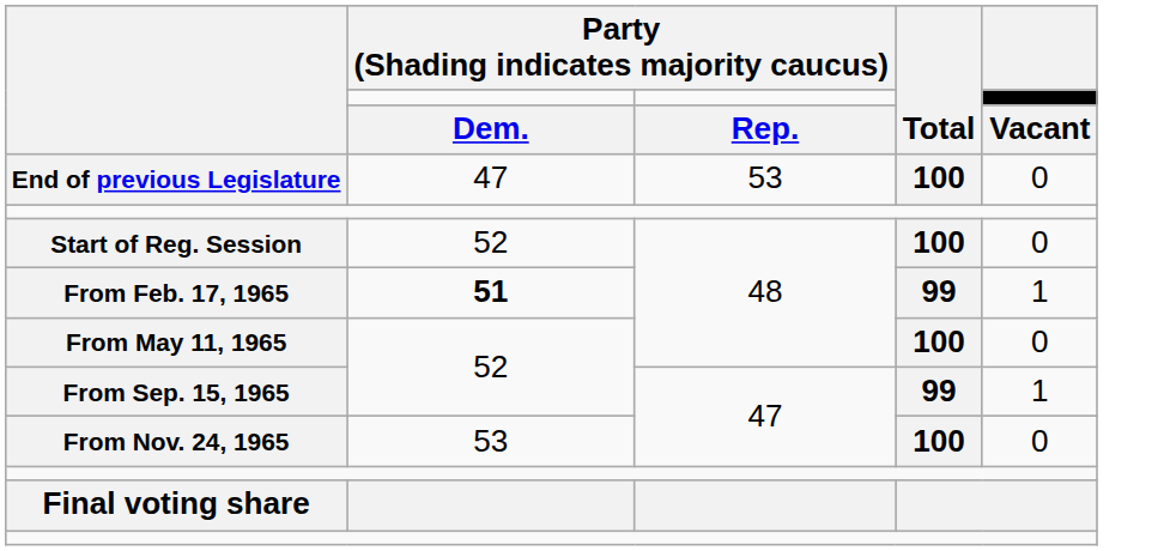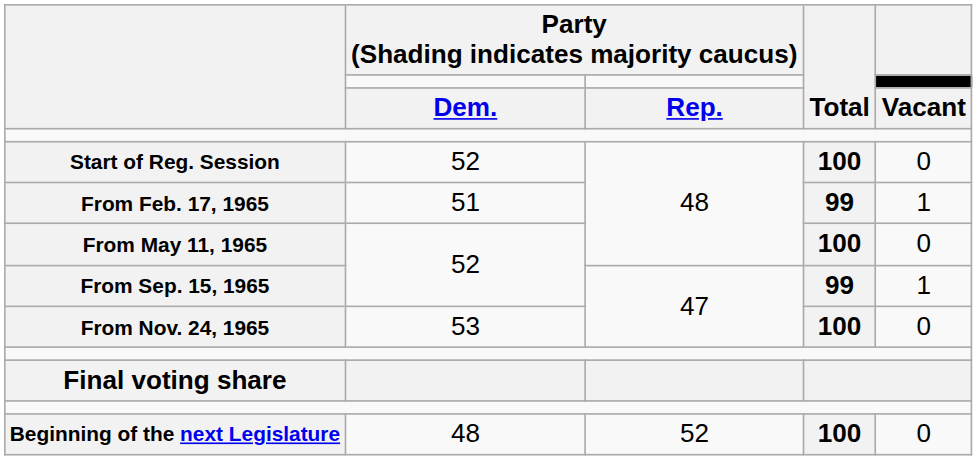 <table class=wikitable style="text-align:center">
 <tr style="vertical-align:bottom;">
 <th rowspan=3></th>
 <th colspan=2>Party <div>(Shading indicates majority caucus)</div></th>
 <th rowspan=3>Total</th>
 <th></th>
 </tr>
 <tr style="height:5px">
 <td style="background-color:"></td>
 <td style="background-color:"></td>
 <td style="background:black;"></td>
 </tr>
 <tr>
 <th><a href='#'>Dem.</a></th>
 <th><a href='#'>Rep.</a></th>
 <th>Vacant</th>
 </tr>
 <tr>
-<th style="font-size:80%;">End of <a href='#'>previous Legislature</a></th>
-<td>47</td>
-<td>53</td>
-<th>100</th>
-<td>0</td>
-</tr>
-<tr>
 <td colspan=5></td>
 </tr>
 <tr>
 <th style="font-size:80%;">Start of Reg. Session</th>
 <td>52</td>
 <td rowspan="3">48</td>
 <th>100</th>
 <td>0</td>
 </tr>
 <tr>
 <th style="font-size:80%;">From Feb. 17, 1965</th>
-<td><strong>51</strong></td>
+<td>51</td>
 <th>99</th>
 <td>1</td>
 </tr>
 <tr>
 <th style="font-size:80%;">From May 11, 1965</th>
 <td rowspan="2" >52</td>
 <th>100</th>
 <td>0</td>
 </tr>
 <tr>
 <th style="font-size:80%;">From Sep. 15, 1965</th>
 <td rowspan="2">47</td>
 <th>99</th>
 <td>1</td>
 </tr>
 <tr>
 <th style="font-size:80%;">From Nov. 24, 1965</th>
 <td>53</td>
 <th>100</th>
 <td>0</td>
 </tr>
 <tr>
 <td colspan=5></td>
 </tr>
 <tr>
 <th>Final voting share</th>
 <th></th>
 <th></th>
 <th colspan=2></th>
 </tr>
 <tr>
 <td colspan=5></td>
 </tr>
+<tr>
+<th style="font-size:80%;">Beginning of the <a href='#'>next Legislature</a></th>
+<td>48</td>
+<td>52</td>
+<th>100</th>
+<td>0</td>
+</tr>
 </table>
